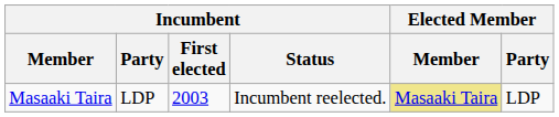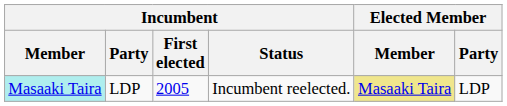 <table class="wikitable sortable">
 <tr>
 <th colspan=4>Incumbent</th>
 <th colspan=2>Elected Member</th>
 </tr>
 <tr>
 <th>Member</th>
 <th>Party</th>
 <th>First<br>elected</th>
 <th>Status</th>
 <th>Member</th>
 <th>Party</th>
 </tr>
 <tr>
-<td><a href='#'>Masaaki Taira</a></td>
+<td style="background: paleturquoise;"><a href='#'>Masaaki Taira</a></td>
 <td>LDP</td>
-<td><a href='#'>2003</a></td>
+<td><a href='#'>2005</a></td>
 <td>Incumbent reelected.</td>
 <td style="background: khaki;"><a href='#'>Masaaki Taira</a></td>
 <td>LDP</td>
 </tr>
 </table>
